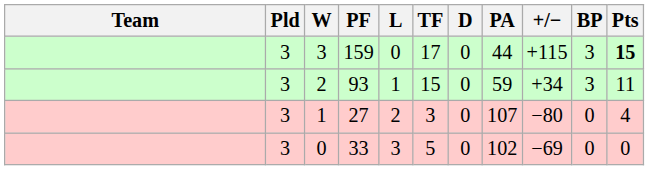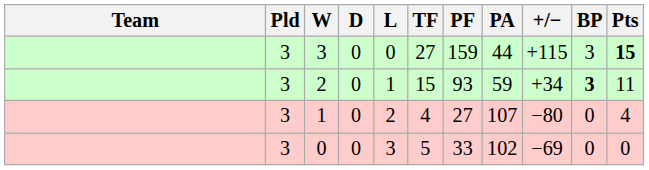 <table class="wikitable" style="text-align:center">
 <tr>
 <th width="200">Team</th>
 <th width="20">Pld</th>
 <th width="20">W</th>
-<th width="20">PF</th>
+<th width="20">D</th>
 <th width="20">L</th>
 <th width="20">TF</th>
-<th width="20">D</th>
+<th width="20">PF</th>
 <th width="20">PA</th>
 <th width="25">+/−</th>
 <th width="20">BP</th>
 <th width="20">Pts</th>
 </tr>
 <tr style="background:#cfc;">
 <td align="left"></td>
 <td>3</td>
 <td>3</td>
+<td>0</td>
+<td>0</td>
+<td>27</td>
 <td>159</td>
-<td>0</td>
-<td>17</td>
-<td>0</td>
 <td>44</td>
 <td>+115</td>
 <td>3</td>
 <td><strong>15</strong></td>
 </tr>
 <tr style="background:#cfc;">
 <td align="left"></td>
 <td>3</td>
 <td>2</td>
-<td>93</td>
+<td>0</td>
 <td>1</td>
 <td>15</td>
-<td>0</td>
+<td>93</td>
 <td>59</td>
 <td>+34</td>
-<td>3</td>
+<td><strong>3</strong></td>
 <td>11</td>
 </tr>
 <tr style="background:#fcc;">
 <td align="left"></td>
 <td>3</td>
 <td>1</td>
+<td>0</td>
+<td>2</td>
+<td>4</td>
 <td>27</td>
-<td>2</td>
-<td>3</td>
-<td>0</td>
 <td>107</td>
 <td>−80</td>
 <td>0</td>
 <td>4</td>
 </tr>
 <tr style="background:#fcc;">
 <td align="left"></td>
 <td>3</td>
 <td>0</td>
-<td>33</td>
+<td>0</td>
 <td>3</td>
 <td>5</td>
-<td>0</td>
+<td>33</td>
 <td>102</td>
 <td>−69</td>
 <td>0</td>
 <td>0</td>
 </tr>
 </table>
